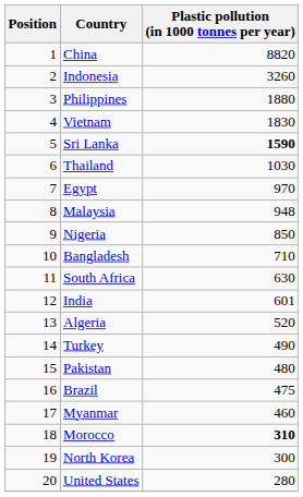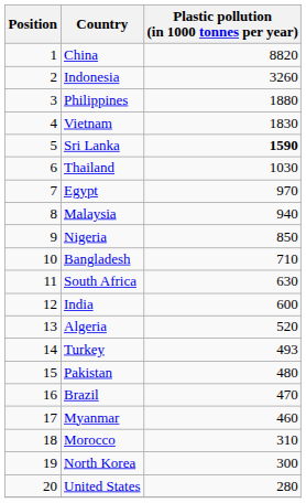 <table class="wikitable mw-collapsible" style="text-align:right">
 <tr>
 <th>Position</th>
 <th>Country</th>
 <th>Plastic pollution <br>(in 1000 <a href='#'>tonnes</a> per year)</th>
 </tr>
 <tr>
 <td>1</td>
 <td style="text-align:left;"><a href='#'>China</a></td>
 <td>8820</td>
 </tr>
 <tr>
 <td>2</td>
 <td style="text-align:left;"><a href='#'>Indonesia</a></td>
 <td>3260</td>
 </tr>
 <tr>
 <td>3</td>
 <td style="text-align:left;"><a href='#'>Philippines</a></td>
 <td>1880</td>
 </tr>
 <tr>
 <td>4</td>
 <td style="text-align:left;"><a href='#'>Vietnam</a></td>
 <td>1830</td>
 </tr>
 <tr>
 <td>5</td>
 <td style="text-align:left;"><a href='#'>Sri Lanka</a></td>
 <td><strong>1590</strong></td>
 </tr>
 <tr>
 <td>6</td>
 <td style="text-align:left;"><a href='#'>Thailand</a></td>
 <td>1030</td>
 </tr>
 <tr>
 <td>7</td>
 <td style="text-align:left;"><a href='#'>Egypt</a></td>
 <td>970</td>
 </tr>
 <tr>
 <td>8</td>
 <td style="text-align:left;"><a href='#'>Malaysia</a></td>
-<td>948</td>
+<td>940</td>
 </tr>
 <tr>
 <td>9</td>
 <td style="text-align:left;"><a href='#'>Nigeria</a></td>
 <td>850</td>
 </tr>
 <tr>
 <td>10</td>
 <td style="text-align:left;"><a href='#'>Bangladesh</a></td>
 <td>710</td>
 </tr>
 <tr>
 <td>11</td>
 <td style="text-align:left;"><a href='#'>South Africa</a></td>
 <td>630</td>
 </tr>
 <tr>
 <td>12</td>
 <td style="text-align:left;"><a href='#'>India</a></td>
-<td>601</td>
+<td>600</td>
 </tr>
 <tr>
 <td>13</td>
 <td style="text-align:left;"><a href='#'>Algeria</a></td>
 <td>520</td>
 </tr>
 <tr>
 <td>14</td>
 <td style="text-align:left;"><a href='#'>Turkey</a></td>
-<td>490</td>
+<td>493</td>
 </tr>
 <tr>
 <td>15</td>
 <td style="text-align:left;"><a href='#'>Pakistan</a></td>
 <td>480</td>
 </tr>
 <tr>
 <td>16</td>
 <td style="text-align:left;"><a href='#'>Brazil</a></td>
-<td>475</td>
+<td>470</td>
 </tr>
 <tr>
 <td>17</td>
 <td style="text-align:left;"><a href='#'>Myanmar</a></td>
 <td>460</td>
 </tr>
 <tr>
 <td>18</td>
 <td style="text-align:left;"><a href='#'>Morocco</a></td>
-<td><strong>310</strong></td>
+<td>310</td>
 </tr>
 <tr>
 <td>19</td>
 <td style="text-align:left;"><a href='#'>North Korea</a></td>
 <td>300</td>
 </tr>
 <tr>
 <td>20</td>
 <td style="text-align:left;"><a href='#'>United States</a></td>
 <td>280</td>
 </tr>
 <tr>
 </tr>
 </table>
